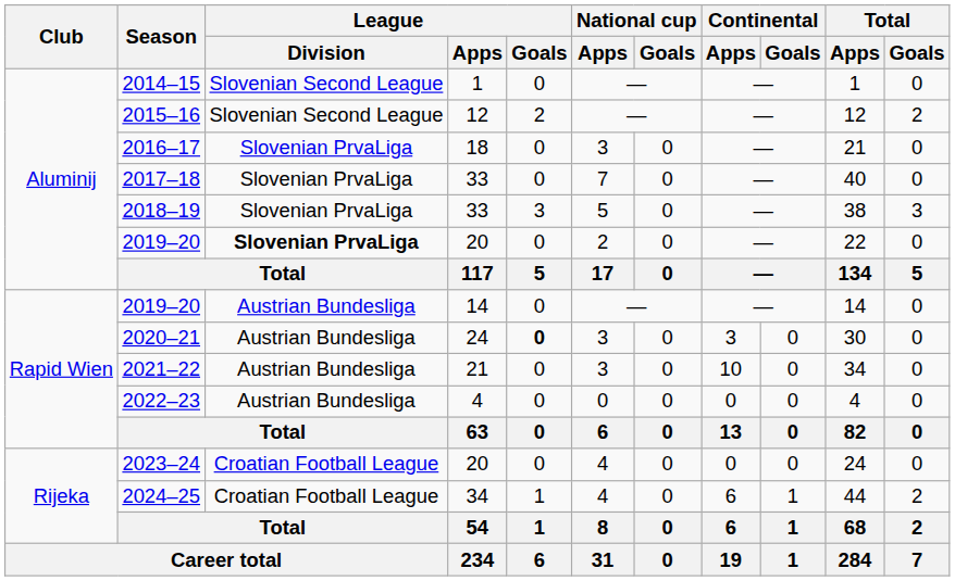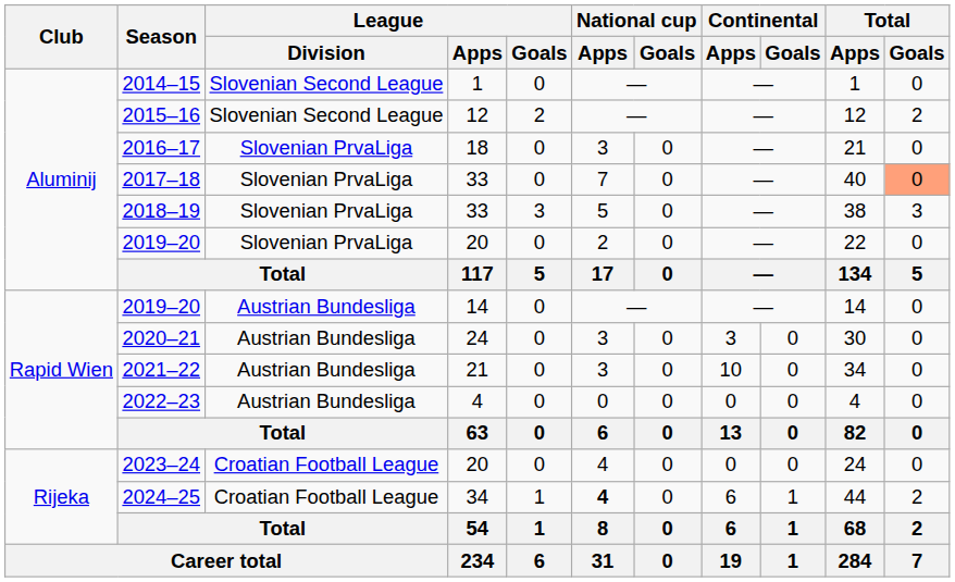 <table class="wikitable" style="text-align:center">
 <tr>
 <th rowspan="2">Club</th>
 <th rowspan="2">Season</th>
 <th colspan="3">League</th>
 <th colspan="2">National cup</th>
 <th colspan="2">Continental</th>
 <th colspan="2">Total</th>
 </tr>
 <tr>
 <th>Division</th>
 <th>Apps</th>
 <th>Goals</th>
 <th>Apps</th>
 <th>Goals</th>
 <th>Apps</th>
 <th>Goals</th>
 <th>Apps</th>
 <th>Goals</th>
 </tr>
 <tr>
 <td rowspan="7"><a href='#'>Aluminij</a></td>
 <td><a href='#'>2014–15</a></td>
 <td><a href='#'>Slovenian Second League</a></td>
 <td>1</td>
 <td>0</td>
 <td colspan="2">—</td>
 <td colspan="2">—</td>
 <td>1</td>
 <td>0</td>
 </tr>
 <tr>
 <td><a href='#'>2015–16</a></td>
 <td>Slovenian Second League</td>
 <td>12</td>
 <td>2</td>
 <td colspan="2">—</td>
 <td colspan="2">—</td>
 <td>12</td>
 <td>2</td>
 </tr>
 <tr>
 <td><a href='#'>2016–17</a></td>
 <td><a href='#'>Slovenian PrvaLiga</a></td>
 <td>18</td>
 <td>0</td>
 <td>3</td>
 <td>0</td>
 <td colspan="2">—</td>
 <td>21</td>
 <td>0</td>
 </tr>
 <tr>
 <td><a href='#'>2017–18</a></td>
 <td>Slovenian PrvaLiga</td>
 <td>33</td>
 <td>0</td>
 <td>7</td>
 <td>0</td>
 <td colspan="2">—</td>
 <td>40</td>
-<td>0</td>
+<td style="background: lightsalmon;">0</td>
 </tr>
 <tr>
 <td><a href='#'>2018–19</a></td>
 <td>Slovenian PrvaLiga</td>
 <td>33</td>
 <td>3</td>
 <td>5</td>
 <td>0</td>
 <td colspan="2">—</td>
 <td>38</td>
 <td>3</td>
 </tr>
 <tr>
 <td><a href='#'>2019–20</a></td>
-<td><strong>Slovenian PrvaLiga</strong></td>
+<td>Slovenian PrvaLiga</td>
 <td>20</td>
 <td>0</td>
 <td>2</td>
 <td>0</td>
 <td colspan="2">—</td>
 <td>22</td>
 <td>0</td>
 </tr>
 <tr>
 <th colspan="2">Total</th>
 <th>117</th>
 <th>5</th>
 <th>17</th>
 <th>0</th>
 <th colspan="2">—</th>
 <th>134</th>
 <th>5</th>
 </tr>
 <tr>
 <td rowspan="5"><a href='#'>Rapid Wien</a></td>
 <td><a href='#'>2019–20</a></td>
 <td><a href='#'>Austrian Bundesliga</a></td>
 <td>14</td>
 <td>0</td>
 <td colspan="2">—</td>
 <td colspan="2">—</td>
 <td>14</td>
 <td>0</td>
 </tr>
 <tr>
 <td><a href='#'>2020–21</a></td>
 <td>Austrian Bundesliga</td>
 <td>24</td>
-<td><strong>0</strong></td>
+<td>0</td>
 <td>3</td>
 <td>0</td>
 <td>3</td>
 <td>0</td>
 <td>30</td>
 <td>0</td>
 </tr>
 <tr>
 <td><a href='#'>2021–22</a></td>
 <td>Austrian Bundesliga</td>
 <td>21</td>
 <td>0</td>
 <td>3</td>
 <td>0</td>
 <td>10</td>
 <td>0</td>
 <td>34</td>
 <td>0</td>
 </tr>
 <tr>
 <td><a href='#'>2022–23</a></td>
 <td>Austrian Bundesliga</td>
 <td>4</td>
 <td>0</td>
 <td>0</td>
 <td>0</td>
 <td>0</td>
 <td>0</td>
 <td>4</td>
 <td>0</td>
 </tr>
 <tr>
 <th colspan="2">Total</th>
 <th>63</th>
 <th>0</th>
 <th>6</th>
 <th>0</th>
 <th>13</th>
 <th>0</th>
 <th>82</th>
 <th>0</th>
 </tr>
 <tr>
 <td rowspan="3"><a href='#'>Rijeka</a></td>
 <td><a href='#'>2023–24</a></td>
 <td><a href='#'>Croatian Football League</a></td>
 <td>20</td>
 <td>0</td>
 <td>4</td>
 <td>0</td>
 <td>0</td>
 <td>0</td>
 <td>24</td>
 <td>0</td>
 </tr>
 <tr>
 <td><a href='#'>2024–25</a></td>
 <td>Croatian Football League</td>
 <td>34</td>
 <td>1</td>
-<td>4</td>
+<td><strong>4</strong></td>
 <td>0</td>
 <td>6</td>
 <td>1</td>
 <td>44</td>
 <td>2</td>
 </tr>
 <tr>
 <th colspan="2">Total</th>
 <th>54</th>
 <th>1</th>
 <th>8</th>
 <th>0</th>
 <th>6</th>
 <th>1</th>
 <th>68</th>
 <th>2</th>
 </tr>
 <tr>
 <th colspan="3">Career total</th>
 <th>234</th>
 <th>6</th>
 <th>31</th>
 <th>0</th>
 <th>19</th>
 <th>1</th>
 <th>284</th>
 <th>7</th>
 </tr>
 </table>
